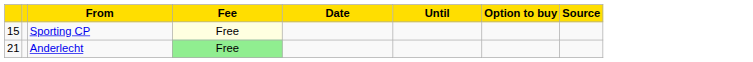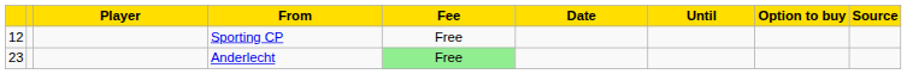 <table class="wikitable sortable">
 <tr>
 <th style="background:#FFDE00"></th>
 <th style="background:#FFDE00"></th>
+<th width=200 style="background:#FFDE00">Player</th>
 <th width=200 style="background:#FFDE00">From</th>
 <th width=150 style="background:#FFDE00">Fee</th>
 <th width=150 style="background:#FFDE00">Date</th>
 <th width=120 style="background:#FFDE00">Until</th>
 <th style="background:#FFDE00">Option to buy</th>
 <th style="background:#FFDE00">Source</th>
 </tr>
 <tr>
-<td align=center>15</td>
+<td align=center>12</td>
 <td align=center></td>
+<td></td>
 <td> <a href='#'>Sporting CP</a></td>
-<td align=center style="background: lightyellow;">Free</td>
+<td align=center>Free</td>
 <td align=center></td>
 <td align=center></td>
 <td align=center></td>
 <td align=center></td>
 </tr>
 <tr>
-<td align=center>21</td>
+<td align=center>23</td>
 <td align=center></td>
+<td></td>
 <td> <a href='#'>Anderlecht</a></td>
 <td align=center style="background: lightgreen;">Free</td>
 <td align=center></td>
 <td align=center></td>
 <td align=center></td>
 <td align=center></td>
 </tr>
 </table>
